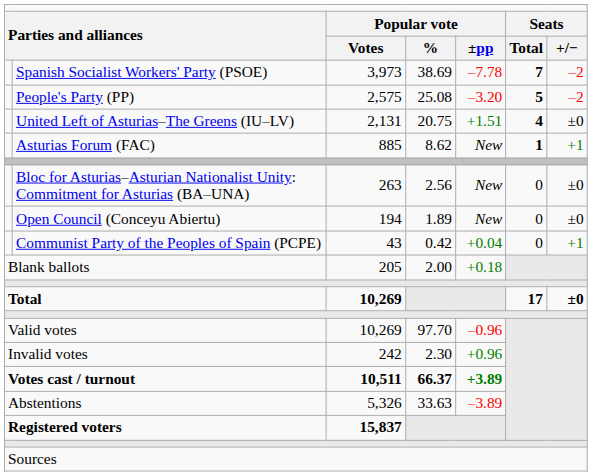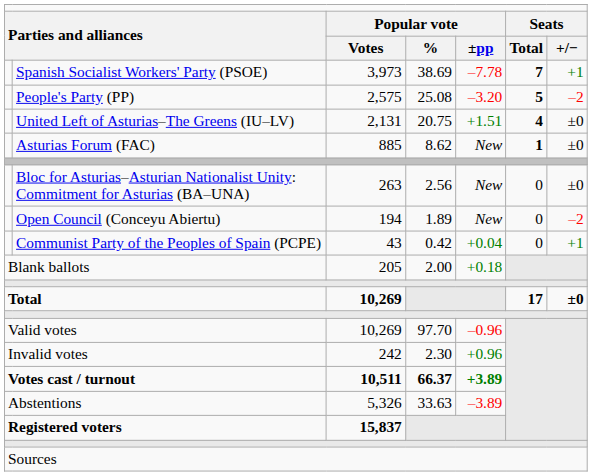 <table class="wikitable" style="text-align:right;">
 <tr>
 <td colspan="7"></td>
 </tr>
 <tr>
 <th style="text-align:left;" rowspan="2" colspan="2" width="525">Parties and alliances</th>
 <th colspan="3">Popular vote</th>
 <th colspan="2">Seats</th>
 </tr>
 <tr>
 <th width="75">Votes</th>
 <th width="45">%</th>
 <th width="45">±<a href='#'>pp</a></th>
 <th width="35">Total</th>
 <th width="35">+/−</th>
 </tr>
 <tr>
 <td width="1" style="color:inherit;background:"></td>
 <td align="left"><a href='#'>Spanish Socialist Workers' Party</a> (PSOE)</td>
 <td>3,973</td>
 <td>38.69</td>
 <td style="color:red;">–7.78</td>
 <td><strong>7</strong></td>
-<td style="color:red;">–2</td>
+<td style="color:green;">+1</td>
 </tr>
 <tr>
 <td style="color:inherit;background:"></td>
 <td align="left"><a href='#'>People's Party</a> (PP)</td>
 <td>2,575</td>
 <td>25.08</td>
 <td style="color:red;">–3.20</td>
 <td><strong>5</strong></td>
 <td style="color:red;">–2</td>
 </tr>
 <tr>
 <td style="color:inherit;background:"></td>
 <td align="left"><a href='#'>United Left of Asturias</a>–<a href='#'>The Greens</a> (IU–LV)</td>
 <td>2,131</td>
 <td>20.75</td>
 <td style="color:green;">+1.51</td>
 <td><strong>4</strong></td>
 <td>±0</td>
 </tr>
 <tr>
 <td style="color:inherit;background:"></td>
 <td align="left"><a href='#'>Asturias Forum</a> (FAC)</td>
 <td>885</td>
 <td>8.62</td>
 <td><em>New</em></td>
 <td><strong>1</strong></td>
-<td style="color:green;">+1</td>
+<td>±0</td>
 </tr>
 <tr>
 <td colspan="7" bgcolor="#C0C0C0"></td>
 </tr>
 <tr>
 <td style="color:inherit;background:"></td>
 <td align="left"><a href='#'>Bloc for Asturias</a>–<a href='#'>Asturian Nationalist Unity</a>: <a href='#'>Commitment for Asturias</a> (BA–UNA)</td>
 <td>263</td>
 <td>2.56</td>
 <td><em>New</em></td>
 <td>0</td>
 <td>±0</td>
 </tr>
 <tr>
 <td style="color:inherit;background:"></td>
 <td align="left"><a href='#'>Open Council</a> (Conceyu Abiertu)</td>
 <td>194</td>
 <td>1.89</td>
 <td><em>New</em></td>
 <td>0</td>
-<td>±0</td>
+<td style="color:red;">–2</td>
 </tr>
 <tr>
 <td style="color:inherit;background:"></td>
 <td align="left"><a href='#'>Communist Party of the Peoples of Spain</a> (PCPE)</td>
 <td>43</td>
 <td>0.42</td>
 <td style="color:green;">+0.04</td>
 <td>0</td>
 <td style="color:green;">+1</td>
 </tr>
 <tr>
 <td align="left" colspan="2">Blank ballots</td>
 <td>205</td>
 <td>2.00</td>
 <td style="color:green;">+0.18</td>
 <td bgcolor="#E9E9E9" colspan="2"></td>
 </tr>
 <tr>
 <td colspan="7" bgcolor="#E9E9E9"></td>
 </tr>
 <tr style="font-weight:bold;">
 <td align="left" colspan="2">Total</td>
 <td>10,269</td>
 <td bgcolor="#E9E9E9" colspan="2"></td>
 <td>17</td>
 <td>±0</td>
 </tr>
 <tr>
 <td colspan="7" bgcolor="#E9E9E9"></td>
 </tr>
 <tr>
 <td align="left" colspan="2">Valid votes</td>
 <td>10,269</td>
 <td>97.70</td>
 <td style="color:red;">–0.96</td>
 <td bgcolor="#E9E9E9" colspan="2" rowspan="5"></td>
 </tr>
 <tr>
 <td align="left" colspan="2">Invalid votes</td>
 <td>242</td>
 <td>2.30</td>
 <td style="color:green;">+0.96</td>
 </tr>
 <tr style="font-weight:bold;">
 <td align="left" colspan="2">Votes cast / turnout</td>
 <td>10,511</td>
 <td>66.37</td>
 <td style="color:green;">+3.89</td>
 </tr>
 <tr>
 <td align="left" colspan="2">Abstentions</td>
 <td>5,326</td>
 <td>33.63</td>
 <td style="color:red;">–3.89</td>
 </tr>
 <tr style="font-weight:bold;">
 <td align="left" colspan="2">Registered voters</td>
 <td>15,837</td>
 <td bgcolor="#E9E9E9" colspan="2"></td>
 </tr>
 <tr>
 <td colspan="7" bgcolor="#E9E9E9"></td>
 </tr>
 <tr>
 <td align="left" colspan="7">Sources</td>
 </tr>
 </table>
